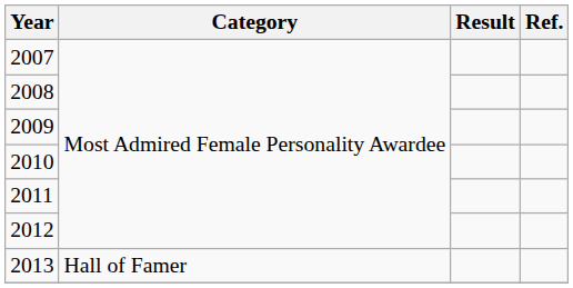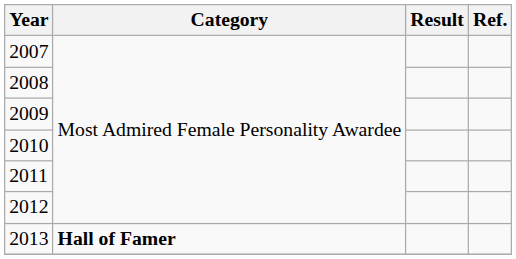 <table class="wikitable plainrowheaders sortable">
 <tr>
 <th>Year</th>
 <th>Category</th>
 <th>Result</th>
 <th>Ref.</th>
 </tr>
 <tr>
 <td>2007</td>
 <td rowspan='6'>Most Admired Female Personality Awardee</td>
 <td></td>
 <td></td>
 </tr>
 <tr>
 <td>2008</td>
 <td></td>
 <td></td>
 </tr>
 <tr>
 <td>2009</td>
 <td></td>
 <td></td>
 </tr>
 <tr>
 <td>2010</td>
 <td></td>
 <td></td>
 </tr>
 <tr>
 <td>2011</td>
 <td></td>
 <td></td>
 </tr>
 <tr>
 <td>2012</td>
 <td></td>
 <td></td>
 </tr>
 <tr>
 <td>2013</td>
-<td>Hall of Famer</td>
+<td><strong>Hall of Famer</strong></td>
 <td></td>
 <td></td>
 </tr>
 <tr>
 </tr>
 </table>
